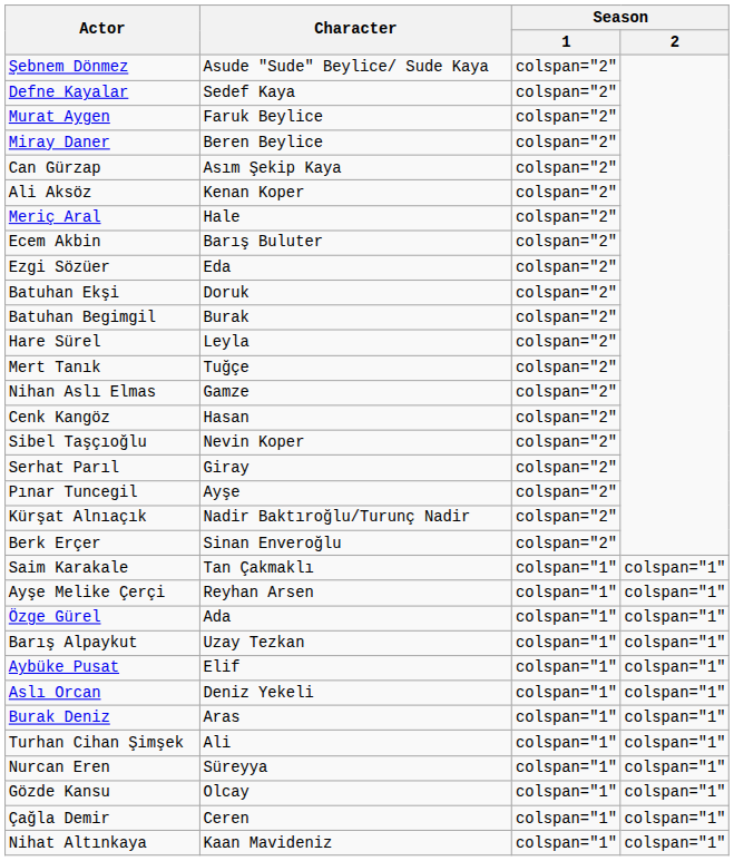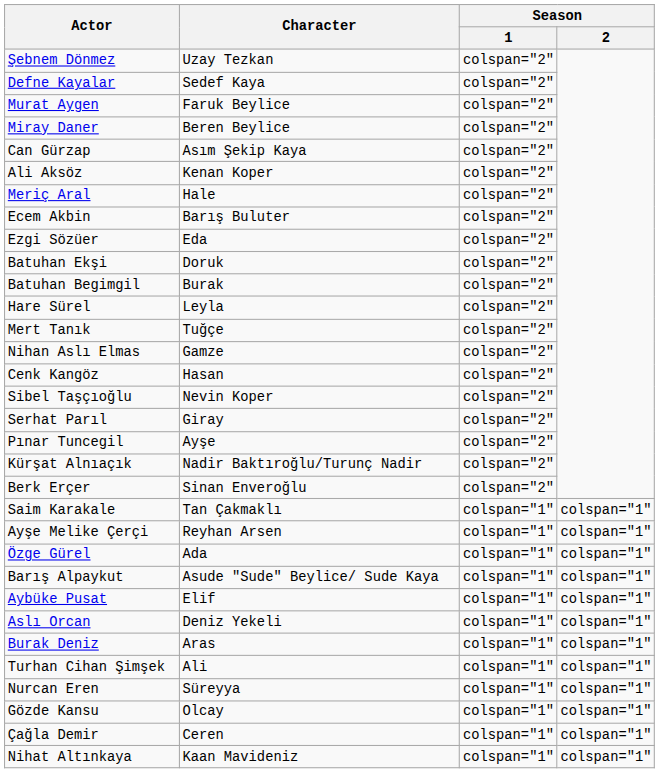 <table class="wikitable sortable">
 <tr>
 <th rowspan="2">Actor</th>
 <th rowspan="2">Character</th>
 <th colspan="2">Season</th>
 </tr>
 <tr>
 <th ! width="15%">1</th>
 <th width="15%">2</th>
 </tr>
 <tr>
 <td><a href='#'>Şebnem Dönmez</a></td>
-<td>Asude "Sude" Beylice/ Sude Kaya</td>
+<td>Uzay Tezkan</td>
 <td>colspan="2" </td>
 </tr>
 <tr>
 <td><a href='#'>Defne Kayalar</a></td>
 <td>Sedef Kaya</td>
 <td>colspan="2" </td>
 </tr>
 <tr>
 <td><a href='#'>Murat Aygen</a></td>
 <td>Faruk Beylice</td>
 <td>colspan="2" </td>
 </tr>
 <tr>
 <td><a href='#'>Miray Daner</a></td>
 <td>Beren Beylice</td>
 <td>colspan="2" </td>
 </tr>
 <tr>
 <td>Can Gürzap</td>
 <td>Asım Şekip Kaya</td>
 <td>colspan="2" </td>
 </tr>
 <tr>
 <td>Ali Aksöz</td>
 <td>Kenan Koper</td>
 <td>colspan="2" </td>
 </tr>
 <tr>
 <td><a href='#'>Meriç Aral</a></td>
 <td>Hale</td>
 <td>colspan="2" </td>
 </tr>
 <tr>
 <td>Ecem Akbin</td>
 <td>Barış Buluter</td>
 <td>colspan="2" </td>
 </tr>
 <tr>
 <td>Ezgi Sözüer</td>
 <td>Eda</td>
 <td>colspan="2" </td>
 </tr>
 <tr>
 <td>Batuhan Ekşi</td>
 <td>Doruk</td>
 <td>colspan="2" </td>
 </tr>
 <tr>
 <td>Batuhan Begimgil</td>
 <td>Burak</td>
 <td>colspan="2" </td>
 </tr>
 <tr>
 <td>Hare Sürel</td>
 <td>Leyla</td>
 <td>colspan="2" </td>
 </tr>
 <tr>
 <td>Mert Tanık</td>
 <td>Tuğçe</td>
 <td>colspan="2" </td>
 </tr>
 <tr>
 <td>Nihan Aslı Elmas</td>
 <td>Gamze</td>
 <td>colspan="2" </td>
 </tr>
 <tr>
 <td>Cenk Kangöz</td>
 <td>Hasan</td>
 <td>colspan="2" </td>
 </tr>
 <tr>
 <td>Sibel Taşçıoğlu</td>
 <td>Nevin Koper</td>
 <td>colspan="2" </td>
 </tr>
 <tr>
 <td>Serhat Parıl</td>
 <td>Giray</td>
 <td>colspan="2" </td>
 </tr>
 <tr>
 <td>Pınar Tuncegil</td>
 <td>Ayşe</td>
 <td>colspan="2" </td>
 </tr>
 <tr>
 <td>Kürşat Alnıaçık</td>
 <td>Nadir Baktıroğlu/Turunç Nadir</td>
 <td>colspan="2" </td>
 </tr>
 <tr>
 <td>Berk Erçer</td>
 <td>Sinan Enveroğlu</td>
 <td>colspan="2" </td>
 </tr>
 <tr>
 <td>Saim Karakale</td>
 <td>Tan Çakmaklı</td>
 <td>colspan="1" </td>
 <td>colspan="1" </td>
 </tr>
 <tr>
 <td>Ayşe Melike Çerçi</td>
 <td>Reyhan Arsen</td>
 <td>colspan="1" </td>
 <td>colspan="1" </td>
 </tr>
 <tr>
 <td><a href='#'>Özge Gürel</a></td>
 <td>Ada</td>
 <td>colspan="1" </td>
 <td>colspan="1" </td>
 </tr>
 <tr>
 <td>Barış Alpaykut</td>
-<td>Uzay Tezkan</td>
+<td>Asude "Sude" Beylice/ Sude Kaya</td>
 <td>colspan="1" </td>
 <td>colspan="1" </td>
 </tr>
 <tr>
 <td><a href='#'>Aybüke Pusat</a></td>
 <td>Elif</td>
 <td>colspan="1" </td>
 <td>colspan="1" </td>
 </tr>
 <tr>
 <td><a href='#'>Aslı Orcan</a></td>
 <td>Deniz Yekeli</td>
 <td>colspan="1" </td>
 <td>colspan="1" </td>
 </tr>
 <tr>
 <td><a href='#'>Burak Deniz</a></td>
 <td>Aras</td>
 <td>colspan="1" </td>
 <td>colspan="1" </td>
 </tr>
 <tr>
 <td>Turhan Cihan Şimşek</td>
 <td>Ali</td>
 <td>colspan="1" </td>
 <td>colspan="1" </td>
 </tr>
 <tr>
 <td>Nurcan Eren</td>
 <td>Süreyya</td>
 <td>colspan="1" </td>
 <td>colspan="1" </td>
 </tr>
 <tr>
 <td>Gözde Kansu</td>
 <td>Olcay</td>
 <td>colspan="1" </td>
 <td>colspan="1" </td>
 </tr>
 <tr>
 <td>Çağla Demir</td>
 <td>Ceren</td>
 <td>colspan="1" </td>
 <td>colspan="1" </td>
 </tr>
 <tr>
 <td>Nihat Altınkaya</td>
 <td>Kaan Mavideniz</td>
 <td>colspan="1" </td>
 <td>colspan="1" </td>
 </tr>
 </table>
